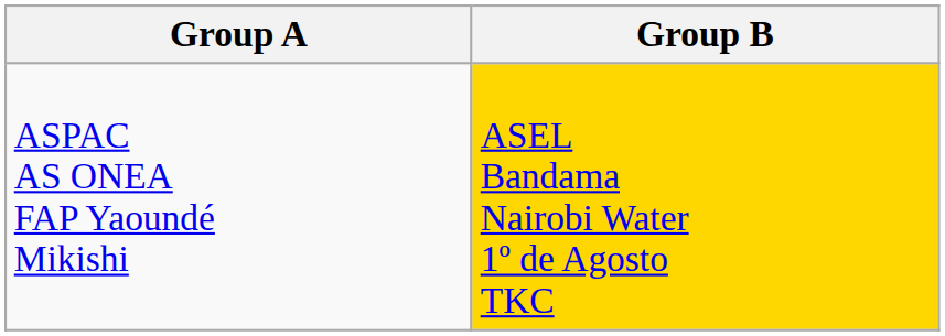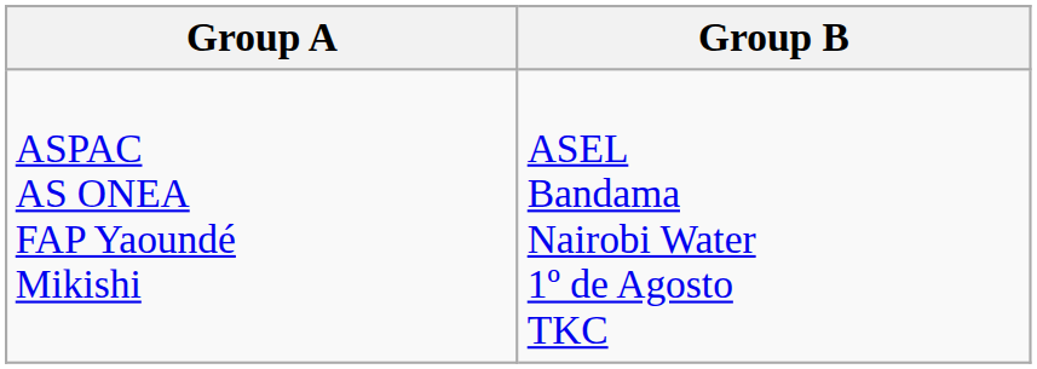 <table class="wikitable">
 <tr>
 <th width=195px>Group A</th>
 <th width=195px>Group B</th>
 </tr>
 <tr>
 <td valign=top><br> <a href='#'>ASPAC</a><br>  <a href='#'>AS ONEA</a><br>  <a href='#'>FAP Yaoundé</a><br>  <a href='#'>Mikishi</a></td>
-<td valign=top style="background: gold;"><br> <a href='#'>ASEL</a><br>  <a href='#'>Bandama</a><br>  <a href='#'>Nairobi Water</a><br>  <a href='#'>1º de Agosto</a><br>  <a href='#'>TKC</a></td>
+<td valign=top><br> <a href='#'>ASEL</a><br>  <a href='#'>Bandama</a><br>  <a href='#'>Nairobi Water</a><br>  <a href='#'>1º de Agosto</a><br>  <a href='#'>TKC</a></td>
 </tr>
 </table>
